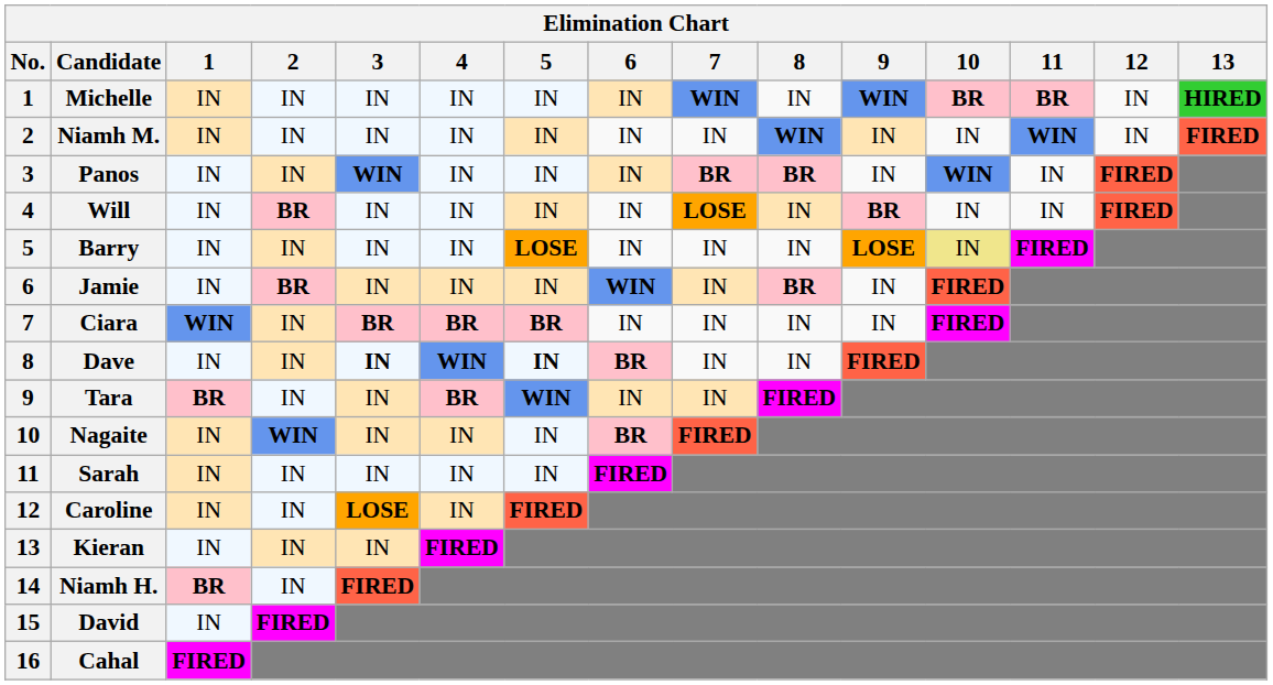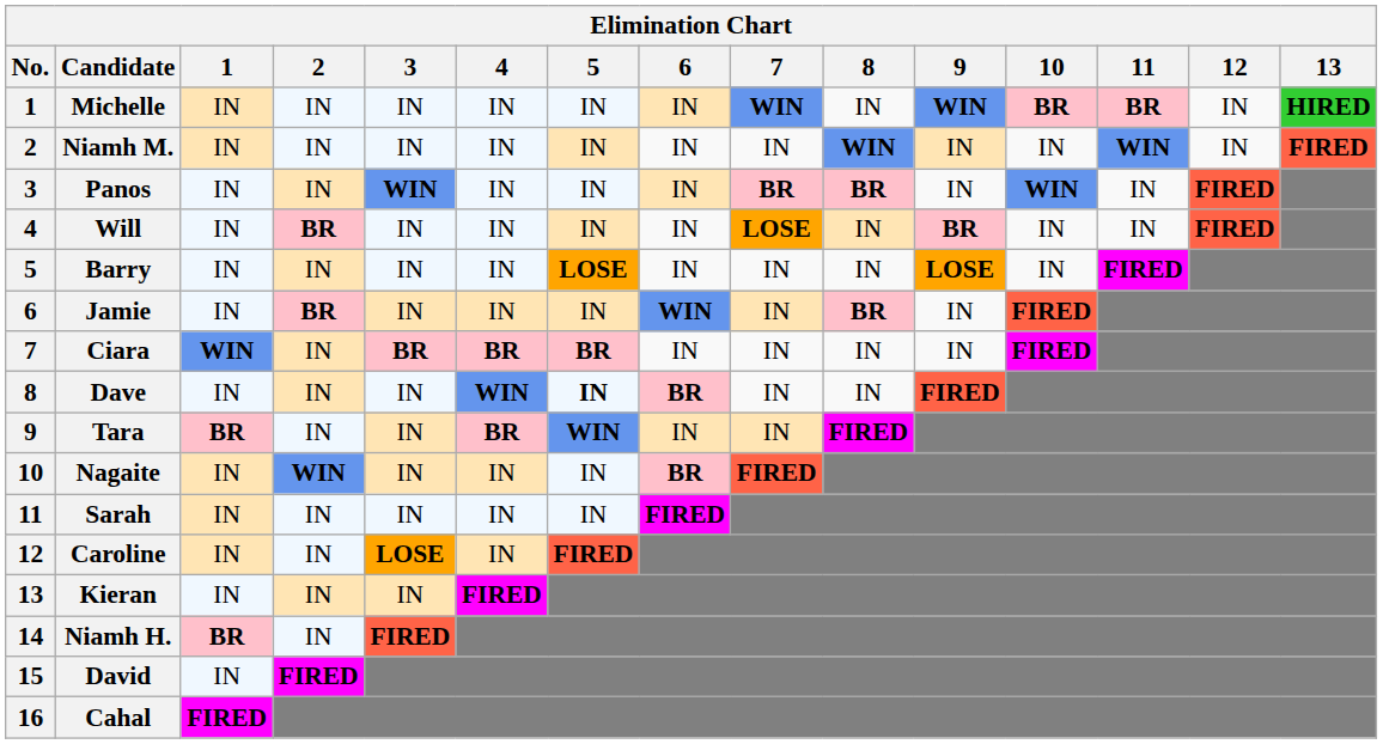 <table class="wikitable" style="text-align:center">
 <tr>
 <th colspan="15">Elimination Chart</th>
 </tr>
 <tr>
 <th>No.</th>
 <th>Candidate</th>
 <th>1</th>
 <th>2</th>
 <th>3</th>
 <th>4</th>
 <th>5</th>
 <th>6</th>
 <th>7</th>
 <th>8</th>
 <th>9</th>
 <th>10</th>
 <th>11</th>
 <th>12</th>
 <th>13</th>
 </tr>
 <tr>
 <th>1</th>
 <th>Michelle</th>
 <td style="background:#ffe5b4;">IN</td>
 <td style="background:#f0f8ff;">IN</td>
 <td style="background:#f0f8ff;">IN</td>
 <td style="background:#f0f8ff;">IN</td>
 <td style="background:#f0f8ff;">IN</td>
 <td style="background:#ffe5b4;">IN</td>
 <td style="background:cornflowerblue;"><strong>WIN</strong></td>
 <td>IN</td>
 <td style="background:cornflowerblue;"><strong>WIN</strong></td>
 <td style="background:pink;"><strong>BR</strong></td>
 <td style="background:pink;"><strong>BR</strong></td>
 <td>IN</td>
 <td style="background:limegreen;"><strong>HIRED</strong></td>
 </tr>
 <tr>
 <th>2</th>
 <th>Niamh M.</th>
 <td style="background:#ffe5b4;">IN</td>
 <td style="background:#f0f8ff;">IN</td>
 <td style="background:#f0f8ff;">IN</td>
 <td style="background:#f0f8ff;">IN</td>
 <td style="background:#ffe5b4;">IN</td>
 <td>IN</td>
 <td>IN</td>
 <td style="background:cornflowerblue;"><strong>WIN</strong></td>
 <td style="background:#ffe5b4;">IN</td>
 <td>IN</td>
 <td style="background:cornflowerblue;"><strong>WIN</strong></td>
 <td>IN</td>
 <td style="background:tomato;"><strong>FIRED</strong></td>
 </tr>
 <tr>
 <th>3</th>
 <th>Panos</th>
 <td style="background:#f0f8ff;">IN</td>
 <td style="background:#ffe5b4;">IN</td>
 <td style="background:cornflowerblue;"><strong>WIN</strong></td>
 <td style="background:#f0f8ff;">IN</td>
 <td style="background:#f0f8ff;">IN</td>
 <td style="background:#ffe5b4;">IN</td>
 <td style="background:pink;"><strong>BR</strong></td>
 <td style="background:pink;"><strong>BR</strong></td>
 <td>IN</td>
 <td style="background:cornflowerblue;"><strong>WIN</strong></td>
 <td>IN</td>
 <td style="background:tomato;"><strong>FIRED</strong></td>
 <td colspan="15" style="background:gray;"></td>
 </tr>
 <tr>
 <th>4</th>
 <th>Will</th>
 <td style="background:#f0f8ff;">IN</td>
 <td style="background:pink;"><strong>BR</strong></td>
 <td style="background:#f0f8ff;">IN</td>
 <td style="background:#f0f8ff;">IN</td>
 <td style="background:#ffe5b4;">IN</td>
 <td>IN</td>
 <td style="background:orange;"><strong>LOSE</strong></td>
 <td style="background:#ffe5b4;">IN</td>
 <td style="background:pink;"><strong>BR</strong></td>
 <td>IN</td>
 <td>IN</td>
 <td style="background:tomato;"><strong>FIRED</strong></td>
 <td colspan="15" style="background:gray;"></td>
 </tr>
 <tr>
 <th>5</th>
 <th>Barry</th>
 <td style="background:#f0f8ff;">IN</td>
 <td style="background:#ffe5b4;">IN</td>
 <td style="background:#f0f8ff;">IN</td>
 <td style="background:#f0f8ff;">IN</td>
 <td style="background:orange;"><strong>LOSE</strong></td>
 <td>IN</td>
 <td>IN</td>
 <td>IN</td>
 <td style="background:orange;"><strong>LOSE</strong></td>
-<td style="background: khaki;">IN</td>
+<td>IN</td>
 <td style="background:magenta;"><strong>FIRED</strong></td>
 <td colspan="15" style="background:gray;"></td>
 </tr>
 <tr>
 <th>6</th>
 <th>Jamie</th>
 <td style="background:#f0f8ff;">IN</td>
 <td style="background:pink;"><strong>BR</strong></td>
 <td style="background:#ffe5b4;">IN</td>
 <td style="background:#ffe5b4;">IN</td>
 <td style="background:#ffe5b4;">IN</td>
 <td style="background:cornflowerblue;"><strong>WIN</strong></td>
 <td style="background:#ffe5b4;">IN</td>
 <td style="background:pink;"><strong>BR</strong></td>
 <td>IN</td>
 <td style="background:tomato;"><strong>FIRED</strong></td>
 <td colspan="15" style="background:gray;"></td>
 </tr>
 <tr>
 <th>7</th>
 <th>Ciara</th>
 <td style="background:cornflowerblue;"><strong>WIN</strong></td>
 <td style="background:#ffe5b4;">IN</td>
 <td style="background:pink;"><strong>BR</strong></td>
 <td style="background:pink;"><strong>BR</strong></td>
 <td style="background:pink;"><strong>BR</strong></td>
 <td>IN</td>
 <td>IN</td>
 <td>IN</td>
 <td>IN</td>
 <td style="background:magenta;"><strong>FIRED</strong></td>
 <td colspan="15" style="background:gray;"></td>
 </tr>
 <tr>
 <th>8</th>
 <th>Dave</th>
 <td style="background:#f0f8ff;">IN</td>
 <td style="background:#ffe5b4;">IN</td>
-<td style="background:#f0f8ff;"><strong>IN</strong></td>
+<td style="background:#f0f8ff;">IN</td>
 <td style="background:cornflowerblue;"><strong>WIN</strong></td>
 <td style="background:#f0f8ff;"><strong>IN</strong></td>
 <td style="background:pink;"><strong>BR</strong></td>
 <td>IN</td>
 <td>IN</td>
 <td style="background:tomato;"><strong>FIRED</strong></td>
 <td colspan="15" style="background:gray;"></td>
 </tr>
 <tr>
 <th>9</th>
 <th>Tara</th>
 <td style="background:pink;"><strong>BR</strong></td>
 <td style="background:#f0f8ff;">IN</td>
 <td style="background:#ffe5b4;">IN</td>
 <td style="background:pink;"><strong>BR</strong></td>
 <td style="background:cornflowerblue;"><strong>WIN</strong></td>
 <td style="background:#ffe5b4;">IN</td>
 <td style="background:#ffe5b4;">IN</td>
 <td style="background:magenta;"><strong>FIRED</strong></td>
 <td colspan="15" style="background:gray;"></td>
 </tr>
 <tr>
 <th>10</th>
 <th>Nagaite</th>
 <td style="background:#ffe5b4;">IN</td>
 <td style="background:cornflowerblue;"><strong>WIN</strong></td>
 <td style="background:#ffe5b4;">IN</td>
 <td style="background:#ffe5b4;">IN</td>
 <td style="background:#f0f8ff;">IN</td>
 <td style="background:pink;"><strong>BR</strong></td>
 <td style="background:tomato;"><strong>FIRED</strong></td>
 <td colspan="15" style="background:gray;"></td>
 </tr>
 <tr>
 <th>11</th>
 <th>Sarah</th>
 <td style="background:#ffe5b4;">IN</td>
 <td style="background:#f0f8ff;">IN</td>
 <td style="background:#f0f8ff;">IN</td>
 <td style="background:#f0f8ff;">IN</td>
 <td style="background:#f0f8ff;">IN</td>
 <td style="background:magenta;"><strong>FIRED</strong></td>
 <td colspan="13" style="background:gray;"></td>
 </tr>
 <tr>
 <th>12</th>
 <th>Caroline</th>
 <td style="background:#ffe5b4;">IN</td>
 <td style="background:#f0f8ff;">IN</td>
 <td style="background:orange;"><strong>LOSE</strong></td>
 <td style="background:#ffe5b4;">IN</td>
 <td style="background:tomato;"><strong>FIRED</strong></td>
 <td colspan="15" style="background:gray;"></td>
 </tr>
 <tr>
 <th>13</th>
 <th>Kieran</th>
 <td style="background:#f0f8ff;">IN</td>
 <td style="background:#ffe5b4;">IN</td>
 <td style="background:#ffe5b4;">IN</td>
 <td style="background:magenta;"><strong>FIRED</strong></td>
 <td colspan="15" style="background:gray;"></td>
 </tr>
 <tr>
 <th>14</th>
 <th>Niamh H.</th>
 <td style="background:pink;"><strong>BR</strong></td>
 <td style="background:#f0f8ff;">IN</td>
 <td style="background:tomato;"><strong>FIRED</strong></td>
 <td colspan="11" style="background:gray;"></td>
 </tr>
 <tr>
 <th>15</th>
 <th>David</th>
 <td style="background:#f0f8ff;">IN</td>
 <td style="background:magenta;"><strong>FIRED</strong></td>
 <td colspan="15" style="background:gray;"></td>
 </tr>
 <tr>
 <th>16</th>
 <th>Cahal</th>
 <td style="background:magenta;"><strong>FIRED</strong></td>
 <td colspan="15" style="background:gray;"></td>
 </tr>
 </table>
